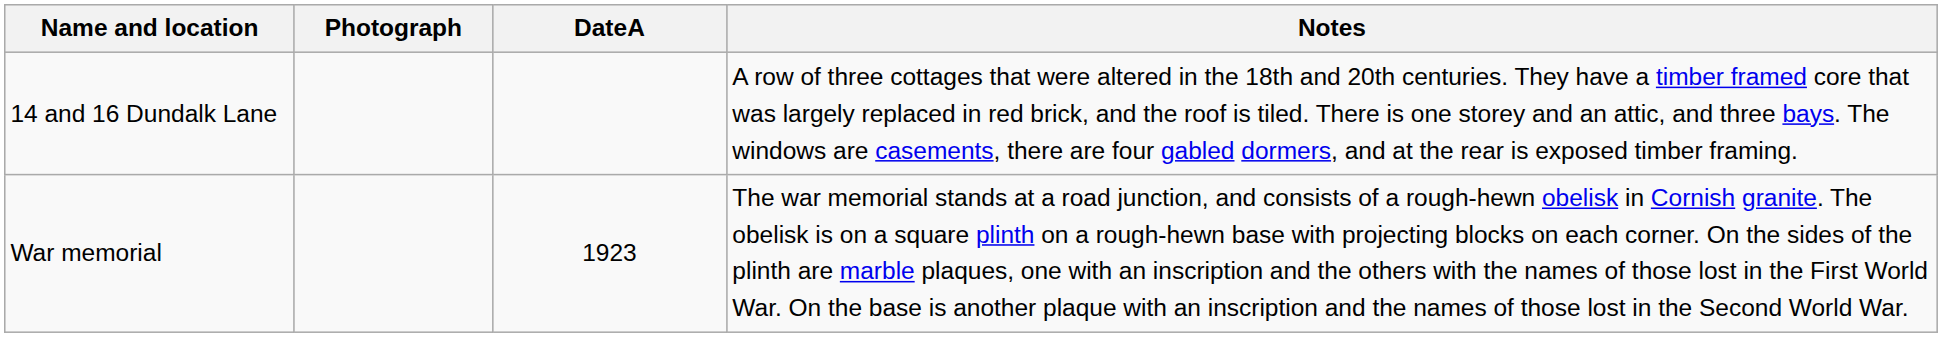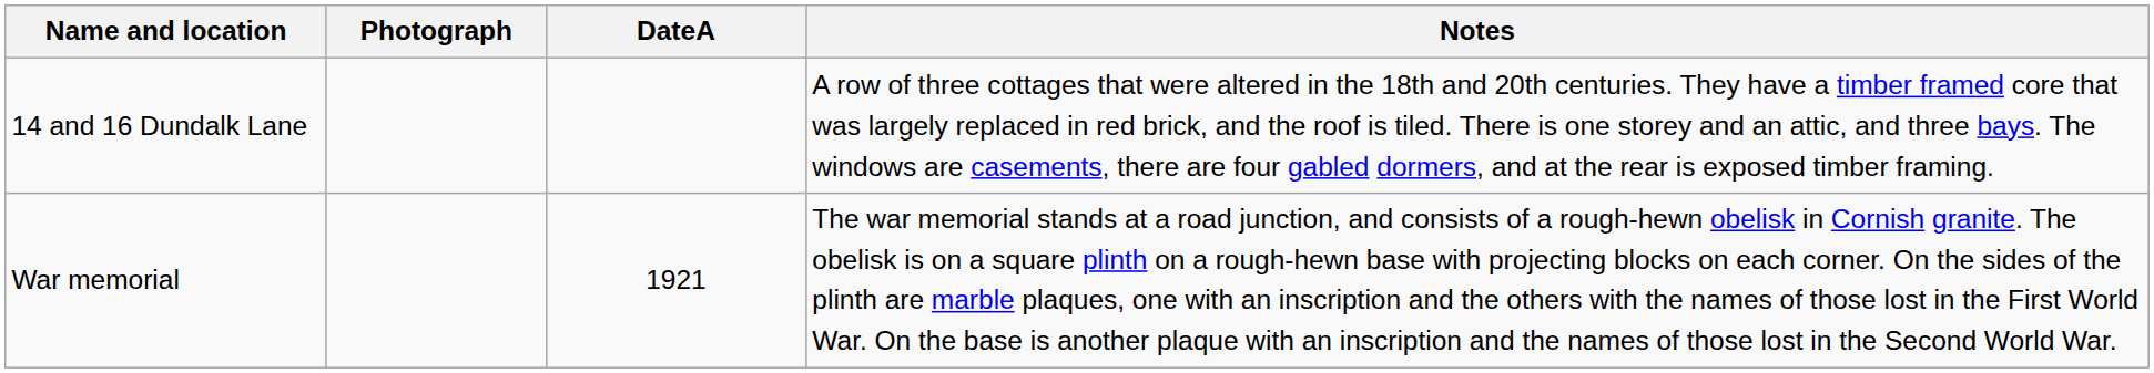 <table class="wikitable sortable plainrowheaders" style="width:100%;border:0px;text-align:left;line-height:150%;">
 <tr>
 <th scope="col"  style="width:150px">Name and location</th>
 <th scope="col"  style="width:100px" class="unsortable">Photograph</th>
 <th scope="col"  style="width:120px">DateA</th>
 <th scope="col"  style="width:650px" class="unsortable">Notes</th>
 </tr>
 <tr>
 <td>14 and 16 Dundalk Lane<br><small></small></td>
 <td></td>
 <td align="center"></td>
 <td>A row of three cottages that were altered in the 18th and 20th centuries. They have a <a href='#'>timber framed</a> core that was largely replaced in red brick, and the roof is tiled. There is one storey and an attic, and three <a href='#'>bays</a>. The windows are <a href='#'>casements</a>, there are four <a href='#'>gabled</a> <a href='#'>dormers</a>, and at the rear is exposed timber framing.</td>
 </tr>
 <tr>
 <td>War memorial<br><small></small></td>
 <td></td>
-<td align="center">1923</td>
+<td align="center">1921</td>
 <td>The war memorial stands at a road junction, and consists of a rough-hewn <a href='#'>obelisk</a> in <a href='#'>Cornish</a> <a href='#'>granite</a>. The obelisk is on a square <a href='#'>plinth</a> on a rough-hewn base with projecting blocks on each corner. On the sides of the plinth are <a href='#'>marble</a> plaques, one with an inscription and the others with the names of those lost in the First World War. On the base is another plaque with an inscription and the names of those lost in the Second World War.</td>
 </tr>
 <tr>
 </tr>
 </table>
